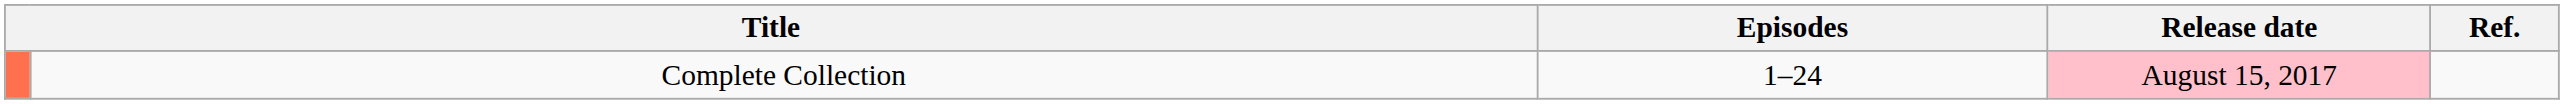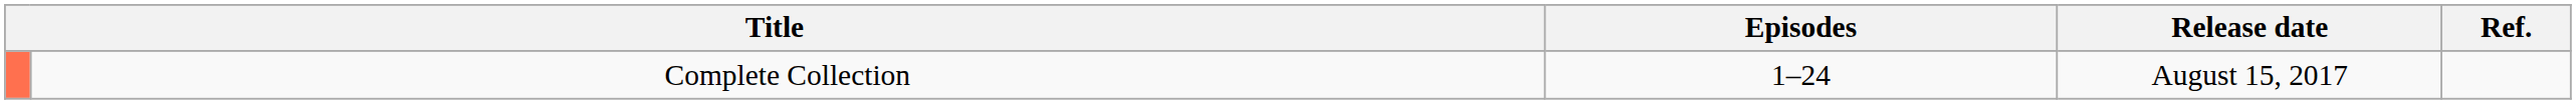 <table class="wikitable" style="text-align: center; width: 70%;">
 <tr>
 <th colspan="2">Title</th>
 <th width="20%">Episodes</th>
 <th width="15%">Release date</th>
 <th width="5%">Ref.</th>
 </tr>
 <tr>
 <td rowspan="1" width="1%" style="background: #FF704F;"></td>
 <td>Complete Collection</td>
 <td>1–24</td>
-<td style="background: pink;">August 15, 2017</td>
+<td>August 15, 2017</td>
 <td></td>
 </tr>
 </table>
